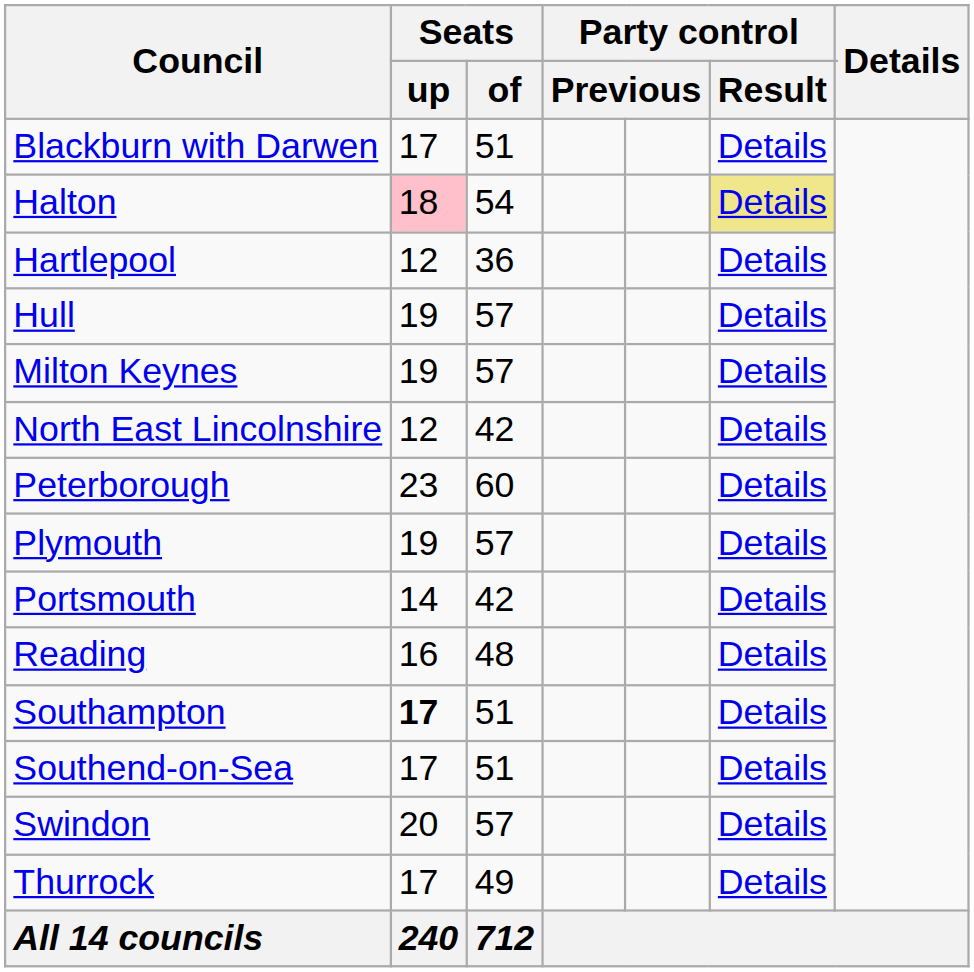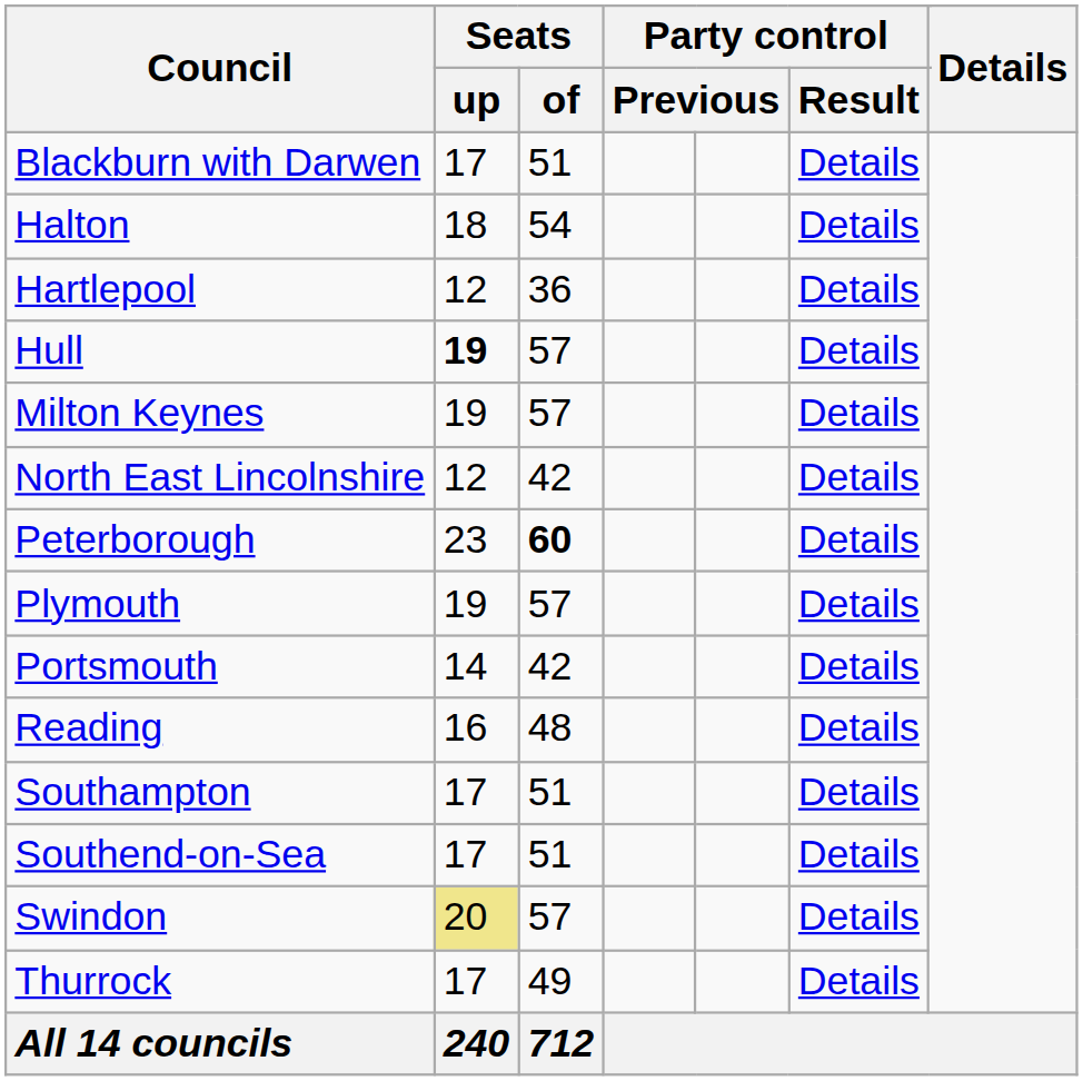 <table class="wikitable sortable">
 <tr>
 <th rowspan="2">Council</th>
 <th colspan="2">Seats</th>
 <th colspan="4">Party control</th>
 <th rowspan="2">Details</th>
 </tr>
 <tr>
 <th>up</th>
 <th>of</th>
 <th colspan="2">Previous</th>
 <th colspan="2">Result</th>
 </tr>
 <tr>
 <td><a href='#'>Blackburn with Darwen</a></td>
 <td>17</td>
 <td>51</td>
 <td></td>
 <td></td>
 <td><a href='#'>Details</a></td>
 </tr>
 <tr>
 <td><a href='#'>Halton</a></td>
-<td style="background: pink;">18</td>
+<td>18</td>
 <td>54</td>
 <td></td>
 <td></td>
-<td style="background: khaki;"><a href='#'>Details</a></td>
+<td><a href='#'>Details</a></td>
 </tr>
 <tr>
 <td><a href='#'>Hartlepool</a></td>
 <td>12</td>
 <td>36</td>
 <td></td>
 <td></td>
 <td><a href='#'>Details</a></td>
 </tr>
 <tr>
 <td><a href='#'>Hull</a></td>
-<td>19</td>
+<td><strong>19</strong></td>
 <td>57</td>
 <td></td>
 <td></td>
 <td><a href='#'>Details</a></td>
 </tr>
 <tr>
 <td><a href='#'>Milton Keynes</a></td>
 <td>19</td>
 <td>57</td>
 <td></td>
 <td></td>
 <td><a href='#'>Details</a></td>
 </tr>
 <tr>
 <td><a href='#'>North East Lincolnshire</a></td>
 <td>12</td>
 <td>42</td>
 <td></td>
 <td></td>
 <td><a href='#'>Details</a></td>
 </tr>
 <tr>
 <td><a href='#'>Peterborough</a></td>
 <td>23</td>
-<td>60</td>
+<td><strong>60</strong></td>
 <td></td>
 <td></td>
 <td><a href='#'>Details</a></td>
 </tr>
 <tr>
 <td><a href='#'>Plymouth</a></td>
 <td>19</td>
 <td>57</td>
 <td></td>
 <td></td>
 <td><a href='#'>Details</a></td>
 </tr>
 <tr>
 <td><a href='#'>Portsmouth</a></td>
 <td>14</td>
 <td>42</td>
 <td></td>
 <td></td>
 <td><a href='#'>Details</a></td>
 </tr>
 <tr>
 <td><a href='#'>Reading</a></td>
 <td>16</td>
 <td>48</td>
 <td></td>
 <td></td>
 <td><a href='#'>Details</a></td>
 </tr>
 <tr>
 <td><a href='#'>Southampton</a></td>
-<td><strong>17</strong></td>
+<td>17</td>
 <td>51</td>
 <td></td>
 <td></td>
 <td><a href='#'>Details</a></td>
 </tr>
 <tr>
 <td><a href='#'>Southend-on-Sea</a></td>
 <td>17</td>
 <td>51</td>
 <td></td>
 <td></td>
 <td><a href='#'>Details</a></td>
 </tr>
 <tr>
 <td><a href='#'>Swindon</a></td>
-<td>20</td>
+<td style="background: khaki;">20</td>
 <td>57</td>
 <td></td>
 <td></td>
 <td><a href='#'>Details</a></td>
 </tr>
 <tr>
 <td><a href='#'>Thurrock</a></td>
 <td>17</td>
 <td>49</td>
 <td></td>
 <td></td>
 <td><a href='#'>Details</a></td>
 </tr>
 <tr class="sortbottom">
 <th style="text-align:left;"><em>All 14 councils</em></th>
 <th><em>240</em></th>
 <th><em>712</em></th>
 <th colspan="5"></th>
 </tr>
 </table>
